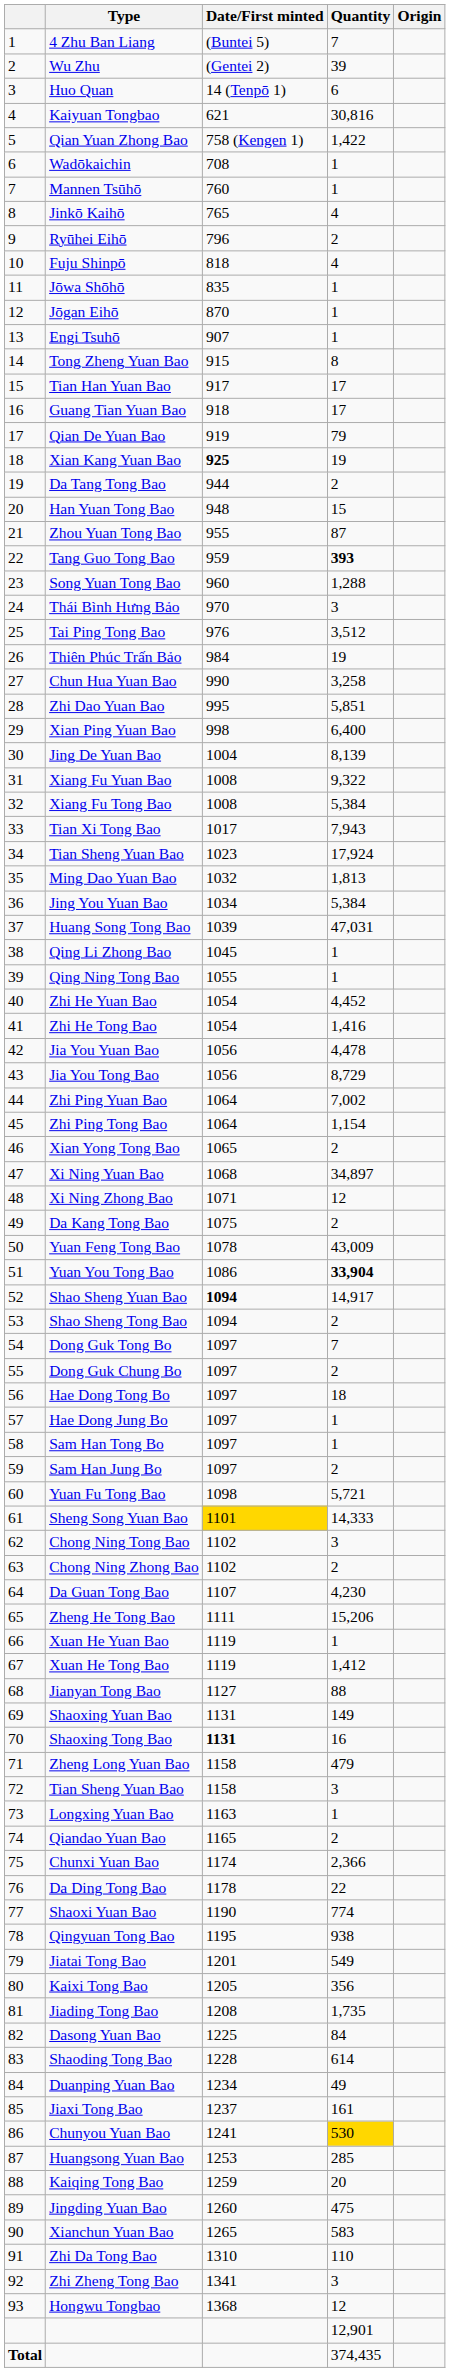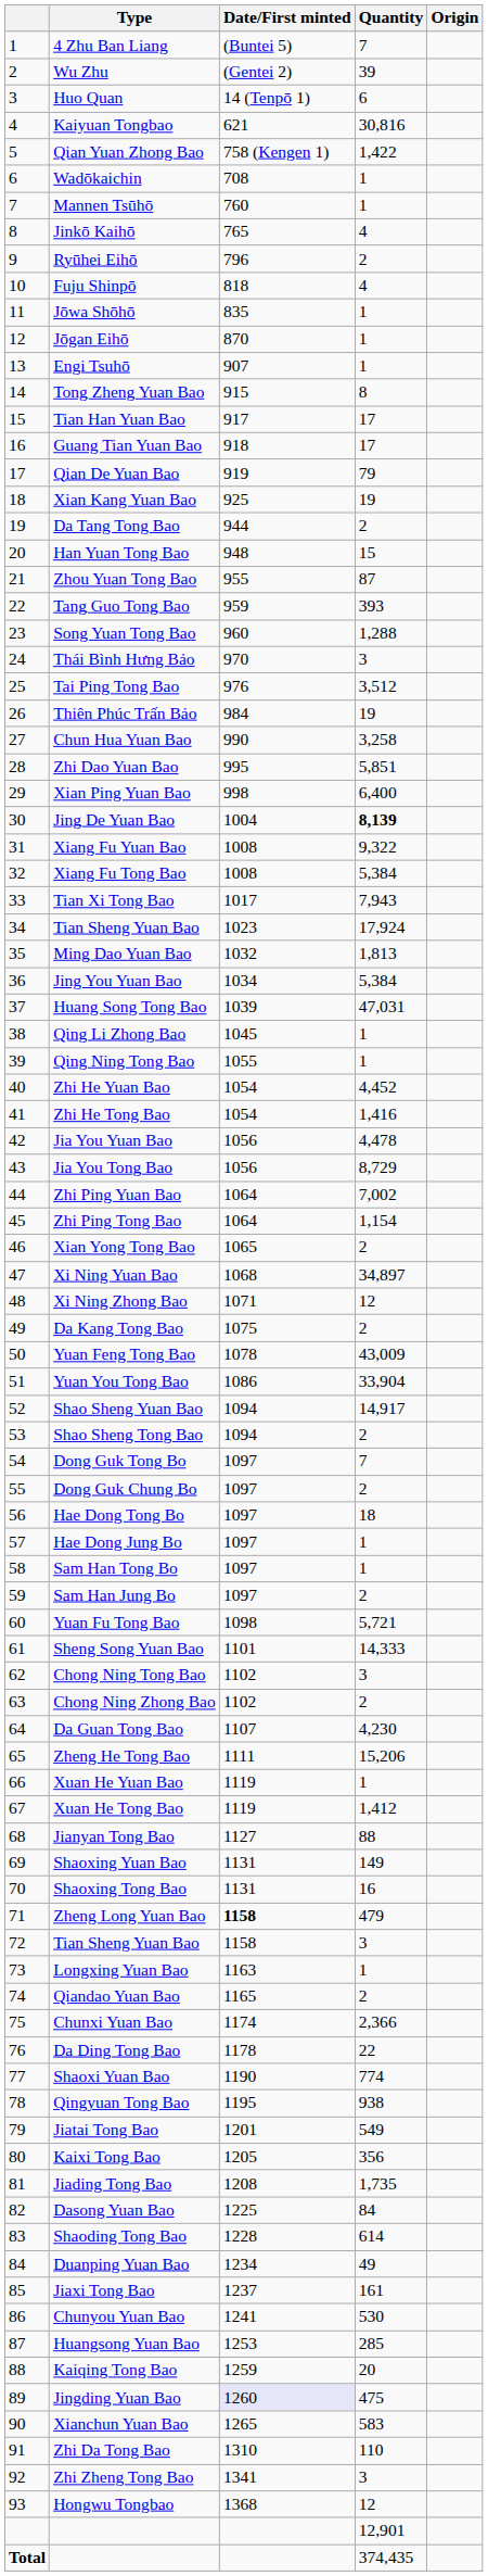 <table class="wikitable sortable">
 <tr>
 <th scope="col"></th>
 <th scope="col">Type</th>
 <th scope="col">Date/First minted</th>
 <th scope="col">Quantity</th>
 <th scope="col">Origin</th>
 </tr>
 <tr>
 <td>1</td>
 <td><a href='#'>4 Zhu Ban Liang</a></td>
 <td> (<a href='#'>Buntei</a> 5)</td>
 <td>7</td>
 <td></td>
 </tr>
 <tr>
 <td>2</td>
 <td><a href='#'>Wu Zhu</a></td>
 <td> (<a href='#'>Gentei</a> 2)</td>
 <td>39</td>
 <td></td>
 </tr>
 <tr>
 <td>3</td>
 <td><a href='#'>Huo Quan</a></td>
 <td>14 (<a href='#'>Tenpō</a> 1)</td>
 <td>6</td>
 <td></td>
 </tr>
 <tr>
 <td>4</td>
 <td><a href='#'>Kaiyuan Tongbao</a></td>
 <td>621</td>
 <td>30,816</td>
 <td></td>
 </tr>
 <tr>
 <td>5</td>
 <td><a href='#'>Qian Yuan Zhong Bao</a></td>
 <td>758 (<a href='#'>Kengen</a> 1)</td>
 <td>1,422</td>
 <td></td>
 </tr>
 <tr>
 <td>6</td>
 <td><a href='#'>Wadōkaichin</a></td>
 <td>708</td>
 <td>1</td>
 <td></td>
 </tr>
 <tr>
 <td>7</td>
 <td><a href='#'>Mannen Tsūhō</a></td>
 <td>760</td>
 <td>1</td>
 <td></td>
 </tr>
 <tr>
 <td>8</td>
 <td><a href='#'>Jinkō Kaihō</a></td>
 <td>765</td>
 <td>4</td>
 <td></td>
 </tr>
 <tr>
 <td>9</td>
 <td><a href='#'>Ryūhei Eihō</a></td>
 <td>796</td>
 <td>2</td>
 <td></td>
 </tr>
 <tr>
 <td>10</td>
 <td><a href='#'>Fuju Shinpō</a></td>
 <td>818</td>
 <td>4</td>
 <td></td>
 </tr>
 <tr>
 <td>11</td>
 <td><a href='#'>Jōwa Shōhō</a></td>
 <td>835</td>
 <td>1</td>
 <td></td>
 </tr>
 <tr>
 <td>12</td>
 <td><a href='#'>Jōgan Eihō</a></td>
 <td>870</td>
 <td>1</td>
 <td></td>
 </tr>
 <tr>
 <td>13</td>
 <td><a href='#'>Engi Tsuhō</a></td>
 <td>907</td>
 <td>1</td>
 <td></td>
 </tr>
 <tr>
 <td>14</td>
 <td><a href='#'>Tong Zheng Yuan Bao</a></td>
 <td>915</td>
 <td>8</td>
 <td></td>
 </tr>
 <tr>
 <td>15</td>
 <td><a href='#'>Tian Han Yuan Bao</a></td>
 <td>917</td>
 <td>17</td>
 <td></td>
 </tr>
 <tr>
 <td>16</td>
 <td><a href='#'>Guang Tian Yuan Bao</a></td>
 <td>918</td>
 <td>17</td>
 <td></td>
 </tr>
 <tr>
 <td>17</td>
 <td><a href='#'>Qian De Yuan Bao</a></td>
 <td>919</td>
 <td>79</td>
 <td></td>
 </tr>
 <tr>
 <td>18</td>
 <td><a href='#'>Xian Kang Yuan Bao</a></td>
-<td><strong>925</strong></td>
+<td>925</td>
 <td>19</td>
 <td></td>
 </tr>
 <tr>
 <td>19</td>
 <td><a href='#'>Da Tang Tong Bao</a></td>
 <td>944</td>
 <td>2</td>
 <td></td>
 </tr>
 <tr>
 <td>20</td>
 <td><a href='#'>Han Yuan Tong Bao</a></td>
 <td>948</td>
 <td>15</td>
 <td></td>
 </tr>
 <tr>
 <td>21</td>
 <td><a href='#'>Zhou Yuan Tong Bao</a></td>
 <td>955</td>
 <td>87</td>
 <td></td>
 </tr>
 <tr>
 <td>22</td>
 <td><a href='#'>Tang Guo Tong Bao</a></td>
 <td>959</td>
-<td><strong>393</strong></td>
+<td>393</td>
 <td></td>
 </tr>
 <tr>
 <td>23</td>
 <td><a href='#'>Song Yuan Tong Bao</a></td>
 <td>960</td>
 <td>1,288</td>
 <td></td>
 </tr>
 <tr>
 <td>24</td>
 <td><a href='#'>Thái Bình Hưng Bảo</a></td>
 <td>970</td>
 <td>3</td>
 <td></td>
 </tr>
 <tr>
 <td>25</td>
 <td><a href='#'>Tai Ping Tong Bao</a></td>
 <td>976</td>
 <td>3,512</td>
 <td></td>
 </tr>
 <tr>
 <td>26</td>
 <td><a href='#'>Thiên Phúc Trấn Bảo</a></td>
 <td>984</td>
 <td>19</td>
 <td></td>
 </tr>
 <tr>
 <td>27</td>
 <td><a href='#'>Chun Hua Yuan Bao</a></td>
 <td>990</td>
 <td>3,258</td>
 <td></td>
 </tr>
 <tr>
 <td>28</td>
 <td><a href='#'>Zhi Dao Yuan Bao</a></td>
 <td>995</td>
 <td>5,851</td>
 <td></td>
 </tr>
 <tr>
 <td>29</td>
 <td><a href='#'>Xian Ping Yuan Bao</a></td>
 <td>998</td>
 <td>6,400</td>
 <td></td>
 </tr>
 <tr>
 <td>30</td>
 <td><a href='#'>Jing De Yuan Bao</a></td>
 <td>1004</td>
-<td>8,139</td>
+<td><strong>8,139</strong></td>
 <td></td>
 </tr>
 <tr>
 <td>31</td>
 <td><a href='#'>Xiang Fu Yuan Bao</a></td>
 <td>1008</td>
 <td>9,322</td>
 <td></td>
 </tr>
 <tr>
 <td>32</td>
 <td><a href='#'>Xiang Fu Tong Bao</a></td>
 <td>1008</td>
 <td>5,384</td>
 <td></td>
 </tr>
 <tr>
 <td>33</td>
 <td><a href='#'>Tian Xi Tong Bao</a></td>
 <td>1017</td>
 <td>7,943</td>
 <td></td>
 </tr>
 <tr>
 <td>34</td>
 <td><a href='#'>Tian Sheng Yuan Bao</a></td>
 <td>1023</td>
 <td>17,924</td>
 <td></td>
 </tr>
 <tr>
 <td>35</td>
 <td><a href='#'>Ming Dao Yuan Bao</a></td>
 <td>1032</td>
 <td>1,813</td>
 <td></td>
 </tr>
 <tr>
 <td>36</td>
 <td><a href='#'>Jing You Yuan Bao</a></td>
 <td>1034</td>
 <td>5,384</td>
 <td></td>
 </tr>
 <tr>
 <td>37</td>
 <td><a href='#'>Huang Song Tong Bao</a></td>
 <td>1039</td>
 <td>47,031</td>
 <td></td>
 </tr>
 <tr>
 <td>38</td>
 <td><a href='#'>Qing Li Zhong Bao</a></td>
 <td>1045</td>
 <td>1</td>
 <td></td>
 </tr>
 <tr>
 <td>39</td>
 <td><a href='#'>Qing Ning Tong Bao</a></td>
 <td>1055</td>
 <td>1</td>
 <td></td>
 </tr>
 <tr>
 <td>40</td>
 <td><a href='#'>Zhi He Yuan Bao</a></td>
 <td>1054</td>
 <td>4,452</td>
 <td></td>
 </tr>
 <tr>
 <td>41</td>
 <td><a href='#'>Zhi He Tong Bao</a></td>
 <td>1054</td>
 <td>1,416</td>
 <td></td>
 </tr>
 <tr>
 <td>42</td>
 <td><a href='#'>Jia You Yuan Bao</a></td>
 <td>1056</td>
 <td>4,478</td>
 <td></td>
 </tr>
 <tr>
 <td>43</td>
 <td><a href='#'>Jia You Tong Bao</a></td>
 <td>1056</td>
 <td>8,729</td>
 <td></td>
 </tr>
 <tr>
 <td>44</td>
 <td><a href='#'>Zhi Ping Yuan Bao</a></td>
 <td>1064</td>
 <td>7,002</td>
 <td></td>
 </tr>
 <tr>
 <td>45</td>
 <td><a href='#'>Zhi Ping Tong Bao</a></td>
 <td>1064</td>
 <td>1,154</td>
 <td></td>
 </tr>
 <tr>
 <td>46</td>
 <td><a href='#'>Xian Yong Tong Bao</a></td>
 <td>1065</td>
 <td>2</td>
 <td></td>
 </tr>
 <tr>
 <td>47</td>
 <td><a href='#'>Xi Ning Yuan Bao</a></td>
 <td>1068</td>
 <td>34,897</td>
 <td></td>
 </tr>
 <tr>
 <td>48</td>
 <td><a href='#'>Xi Ning Zhong Bao</a></td>
 <td>1071</td>
 <td>12</td>
 <td></td>
 </tr>
 <tr>
 <td>49</td>
 <td><a href='#'>Da Kang Tong Bao</a></td>
 <td>1075</td>
 <td>2</td>
 <td></td>
 </tr>
 <tr>
 <td>50</td>
 <td><a href='#'>Yuan Feng Tong Bao</a></td>
 <td>1078</td>
 <td>43,009</td>
 <td></td>
 </tr>
 <tr>
 <td>51</td>
 <td><a href='#'>Yuan You Tong Bao</a></td>
 <td>1086</td>
-<td><strong>33,904</strong></td>
+<td>33,904</td>
 <td></td>
 </tr>
 <tr>
 <td>52</td>
 <td><a href='#'>Shao Sheng Yuan Bao</a></td>
-<td><strong>1094</strong></td>
+<td>1094</td>
 <td>14,917</td>
 <td></td>
 </tr>
 <tr>
 <td>53</td>
 <td><a href='#'>Shao Sheng Tong Bao</a></td>
 <td>1094</td>
 <td>2</td>
 <td></td>
 </tr>
 <tr>
 <td>54</td>
 <td><a href='#'>Dong Guk Tong Bo</a></td>
 <td>1097</td>
 <td>7</td>
 <td></td>
 </tr>
 <tr>
 <td>55</td>
 <td><a href='#'>Dong Guk Chung Bo</a></td>
 <td>1097</td>
 <td>2</td>
 <td></td>
 </tr>
 <tr>
 <td>56</td>
 <td><a href='#'>Hae Dong Tong Bo</a></td>
 <td>1097</td>
 <td>18</td>
 <td></td>
 </tr>
 <tr>
 <td>57</td>
 <td><a href='#'>Hae Dong Jung Bo</a></td>
 <td>1097</td>
 <td>1</td>
 <td></td>
 </tr>
 <tr>
 <td>58</td>
 <td><a href='#'>Sam Han Tong Bo</a></td>
 <td>1097</td>
 <td>1</td>
 <td></td>
 </tr>
 <tr>
 <td>59</td>
 <td><a href='#'>Sam Han Jung Bo</a></td>
 <td>1097</td>
 <td>2</td>
 <td></td>
 </tr>
 <tr>
 <td>60</td>
 <td><a href='#'>Yuan Fu Tong Bao</a></td>
 <td>1098</td>
 <td>5,721</td>
 <td></td>
 </tr>
 <tr>
 <td>61</td>
 <td><a href='#'>Sheng Song Yuan Bao</a></td>
-<td style="background: gold;">1101</td>
+<td>1101</td>
 <td>14,333</td>
 <td></td>
 </tr>
 <tr>
 <td>62</td>
 <td><a href='#'>Chong Ning Tong Bao</a></td>
 <td>1102</td>
 <td>3</td>
 <td></td>
 </tr>
 <tr>
 <td>63</td>
 <td><a href='#'>Chong Ning Zhong Bao</a></td>
 <td>1102</td>
 <td>2</td>
 <td></td>
 </tr>
 <tr>
 <td>64</td>
 <td><a href='#'>Da Guan Tong Bao</a></td>
 <td>1107</td>
 <td>4,230</td>
 <td></td>
 </tr>
 <tr>
 <td>65</td>
 <td><a href='#'>Zheng He Tong Bao</a></td>
 <td>1111</td>
 <td>15,206</td>
 <td></td>
 </tr>
 <tr>
 <td>66</td>
 <td><a href='#'>Xuan He Yuan Bao</a></td>
 <td>1119</td>
 <td>1</td>
 <td></td>
 </tr>
 <tr>
 <td>67</td>
 <td><a href='#'>Xuan He Tong Bao</a></td>
 <td>1119</td>
 <td>1,412</td>
 <td></td>
 </tr>
 <tr>
 <td>68</td>
 <td><a href='#'>Jianyan Tong Bao</a></td>
 <td>1127</td>
 <td>88</td>
 <td></td>
 </tr>
 <tr>
 <td>69</td>
 <td><a href='#'>Shaoxing Yuan Bao</a></td>
 <td>1131</td>
 <td>149</td>
 <td></td>
 </tr>
 <tr>
 <td>70</td>
 <td><a href='#'>Shaoxing Tong Bao</a></td>
-<td><strong>1131</strong></td>
+<td>1131</td>
 <td>16</td>
 <td></td>
 </tr>
 <tr>
 <td>71</td>
 <td><a href='#'>Zheng Long Yuan Bao</a></td>
-<td>1158</td>
+<td><strong>1158</strong></td>
 <td>479</td>
 <td></td>
 </tr>
 <tr>
 <td>72</td>
 <td><a href='#'>Tian Sheng Yuan Bao</a></td>
 <td>1158</td>
 <td>3</td>
 <td></td>
 </tr>
 <tr>
 <td>73</td>
 <td><a href='#'>Longxing Yuan Bao</a></td>
 <td>1163</td>
 <td>1</td>
 <td></td>
 </tr>
 <tr>
 <td>74</td>
 <td><a href='#'>Qiandao Yuan Bao</a></td>
 <td>1165</td>
 <td>2</td>
 <td></td>
 </tr>
 <tr>
 <td>75</td>
 <td><a href='#'>Chunxi Yuan Bao</a></td>
 <td>1174</td>
 <td>2,366</td>
 <td></td>
 </tr>
 <tr>
 <td>76</td>
 <td><a href='#'>Da Ding Tong Bao</a></td>
 <td>1178</td>
 <td>22</td>
 <td></td>
 </tr>
 <tr>
 <td>77</td>
 <td><a href='#'>Shaoxi Yuan Bao</a></td>
 <td>1190</td>
 <td>774</td>
 <td></td>
 </tr>
 <tr>
 <td>78</td>
 <td><a href='#'>Qingyuan Tong Bao</a></td>
 <td>1195</td>
 <td>938</td>
 <td></td>
 </tr>
 <tr>
 <td>79</td>
 <td><a href='#'>Jiatai Tong Bao</a></td>
 <td>1201</td>
 <td>549</td>
 <td></td>
 </tr>
 <tr>
 <td>80</td>
 <td><a href='#'>Kaixi Tong Bao</a></td>
 <td>1205</td>
 <td>356</td>
 <td></td>
 </tr>
 <tr>
 <td>81</td>
 <td><a href='#'>Jiading Tong Bao</a></td>
 <td>1208</td>
 <td>1,735</td>
 <td></td>
 </tr>
 <tr>
 <td>82</td>
 <td><a href='#'>Dasong Yuan Bao</a></td>
 <td>1225</td>
 <td>84</td>
 <td></td>
 </tr>
 <tr>
 <td>83</td>
 <td><a href='#'>Shaoding Tong Bao</a></td>
 <td>1228</td>
 <td>614</td>
 <td></td>
 </tr>
 <tr>
 <td>84</td>
 <td><a href='#'>Duanping Yuan Bao</a></td>
 <td>1234</td>
 <td>49</td>
 <td></td>
 </tr>
 <tr>
 <td>85</td>
 <td><a href='#'>Jiaxi Tong Bao</a></td>
 <td>1237</td>
 <td>161</td>
 <td></td>
 </tr>
 <tr>
 <td>86</td>
 <td><a href='#'>Chunyou Yuan Bao</a></td>
 <td>1241</td>
-<td style="background: gold;">530</td>
+<td>530</td>
 <td></td>
 </tr>
 <tr>
 <td>87</td>
 <td><a href='#'>Huangsong Yuan Bao</a></td>
 <td>1253</td>
 <td>285</td>
 <td></td>
 </tr>
 <tr>
 <td>88</td>
 <td><a href='#'>Kaiqing Tong Bao</a></td>
 <td>1259</td>
 <td>20</td>
 <td></td>
 </tr>
 <tr>
 <td>89</td>
 <td><a href='#'>Jingding Yuan Bao</a></td>
-<td>1260</td>
+<td style="background: lavender;">1260</td>
 <td>475</td>
 <td></td>
 </tr>
 <tr>
 <td>90</td>
 <td><a href='#'>Xianchun Yuan Bao</a></td>
 <td>1265</td>
 <td>583</td>
 <td></td>
 </tr>
 <tr>
 <td>91</td>
 <td><a href='#'>Zhi Da Tong Bao</a></td>
 <td>1310</td>
 <td>110</td>
 <td></td>
 </tr>
 <tr>
 <td>92</td>
 <td><a href='#'>Zhi Zheng Tong Bao</a></td>
 <td>1341</td>
 <td>3</td>
 <td></td>
 </tr>
 <tr>
 <td>93</td>
 <td><a href='#'>Hongwu Tongbao</a></td>
 <td>1368</td>
 <td>12</td>
 <td></td>
 </tr>
 <tr>
 <td></td>
 <td></td>
 <td></td>
 <td>12,901</td>
 <td></td>
 </tr>
 <tr>
 <td><strong>Total</strong></td>
 <td></td>
 <td></td>
 <td>374,435</td>
 <td></td>
 </tr>
 </table>
